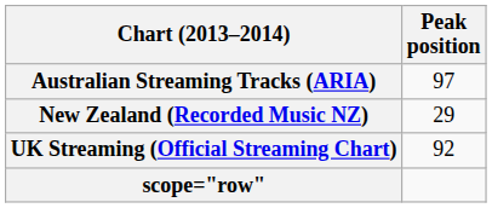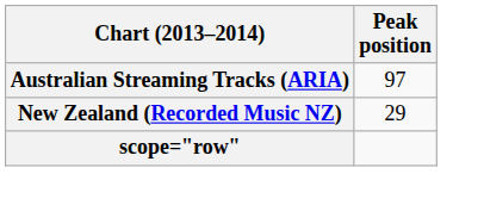 <table class="wikitable sortable plainrowheaders">
 <tr>
 <th scope="col">Chart (2013–2014)</th>
 <th scope="col">Peak<br>position</th>
 </tr>
 <tr>
 <th scope="row">Australian Streaming Tracks (<a href='#'>ARIA</a>)</th>
 <td align="center">97</td>
 </tr>
 <tr>
 <th scope="row">New Zealand (<a href='#'>Recorded Music NZ</a>)</th>
 <td align="center">29</td>
 </tr>
 <tr>
-<th scope="row">UK Streaming (<a href='#'>Official Streaming Chart</a>)</th>
-<td align=center>92</td>
-</tr>
-<tr>
 <th>scope="row" </th>
 </tr>
 </table>
